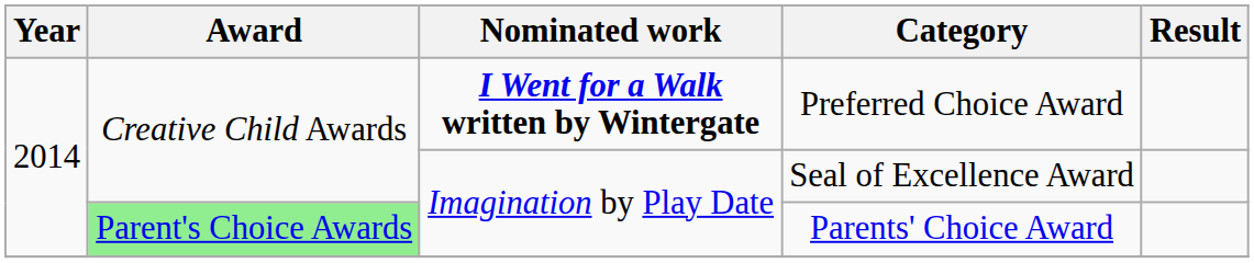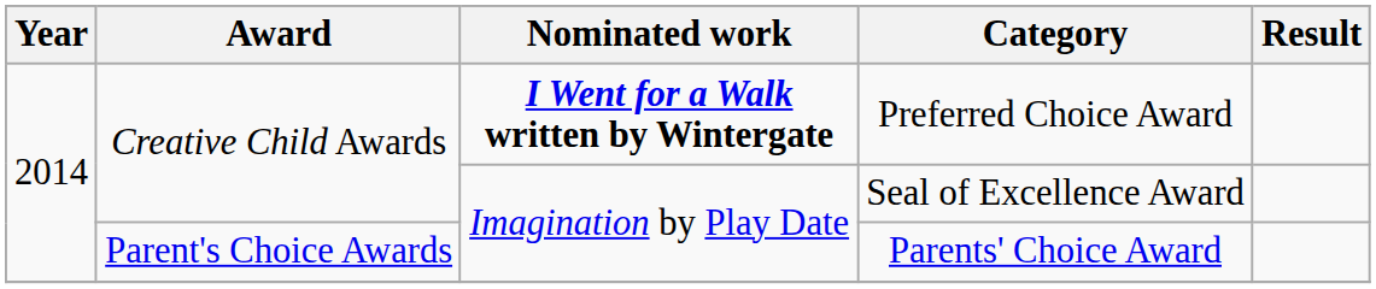 <table class="wikitable plainrowheaders" style="text-align:center;">
 <tr>
 <th>Year</th>
 <th>Award</th>
 <th>Nominated work</th>
 <th>Category</th>
 <th>Result</th>
 </tr>
 <tr>
 <td rowspan="3">2014</td>
 <td rowspan="2"><em>Creative Child</em> Awards</td>
 <td><strong><em><a href='#'>I Went for a Walk</a></em><br>written by Wintergate</strong></td>
 <td>Preferred Choice Award</td>
 <td></td>
 </tr>
 <tr>
 <td rowspan="2"><em><a href='#'>Imagination</a></em> by <a href='#'>Play Date</a></td>
 <td>Seal of Excellence Award</td>
 <td></td>
 </tr>
 <tr>
-<td rowspan="1" style="background: lightgreen;"><a href='#'>Parent's Choice Awards</a></td>
+<td rowspan="1"><a href='#'>Parent's Choice Awards</a></td>
 <td><a href='#'>Parents' Choice Award</a></td>
 <td></td>
 </tr>
 <tr>
 </tr>
 </table>
